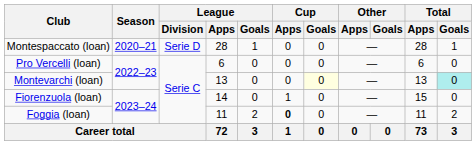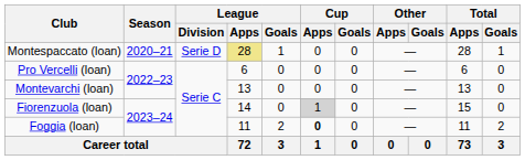 <table class="wikitable" style="text-align:center">
 <tr>
 <th rowspan="2">Club</th>
 <th rowspan="2">Season</th>
 <th colspan="3">League</th>
 <th colspan="2">Cup</th>
 <th colspan="2">Other</th>
 <th colspan="2">Total</th>
 </tr>
 <tr>
 <th>Division</th>
 <th>Apps</th>
 <th>Goals</th>
 <th>Apps</th>
 <th>Goals</th>
 <th>Apps</th>
 <th>Goals</th>
 <th>Apps</th>
 <th>Goals</th>
 </tr>
 <tr>
 <td>Montespaccato (loan)</td>
 <td><a href='#'>2020–21</a></td>
 <td><a href='#'>Serie D</a></td>
-<td>28</td>
+<td style="background: khaki;">28</td>
 <td>1</td>
 <td>0</td>
 <td>0</td>
 <td colspan="2">—</td>
 <td>28</td>
 <td>1</td>
 </tr>
 <tr>
 <td><a href='#'>Pro Vercelli</a> (loan)</td>
 <td rowspan="2"><a href='#'>2022–23</a></td>
 <td rowspan="4"><a href='#'>Serie C</a></td>
 <td>6</td>
 <td>0</td>
 <td>0</td>
 <td>0</td>
 <td colspan="2">—</td>
 <td>6</td>
 <td>0</td>
 </tr>
 <tr>
 <td><a href='#'>Montevarchi</a> (loan)</td>
 <td>13</td>
 <td>0</td>
 <td>0</td>
-<td style="background: lightyellow;">0</td>
+<td>0</td>
 <td colspan="2">—</td>
 <td>13</td>
-<td style="background: paleturquoise;">0</td>
+<td>0</td>
 </tr>
 <tr>
 <td><a href='#'>Fiorenzuola</a> (loan)</td>
 <td rowspan="2"><a href='#'>2023–24</a></td>
 <td>14</td>
 <td>0</td>
-<td>1</td>
+<td style="background: lightgrey;">1</td>
 <td>0</td>
 <td colspan="2">—</td>
 <td>15</td>
 <td>0</td>
 </tr>
 <tr>
 <td><a href='#'>Foggia</a> (loan)</td>
 <td>11</td>
 <td>2</td>
 <td><strong>0</strong></td>
 <td>0</td>
 <td colspan="2">—</td>
 <td>11</td>
 <td>2</td>
 </tr>
 <tr>
 <th colspan="3">Career total</th>
 <th>72</th>
 <th>3</th>
 <th>1</th>
 <th>0</th>
 <th>0</th>
 <th>0</th>
 <th>73</th>
 <th>3</th>
 </tr>
 </table>
